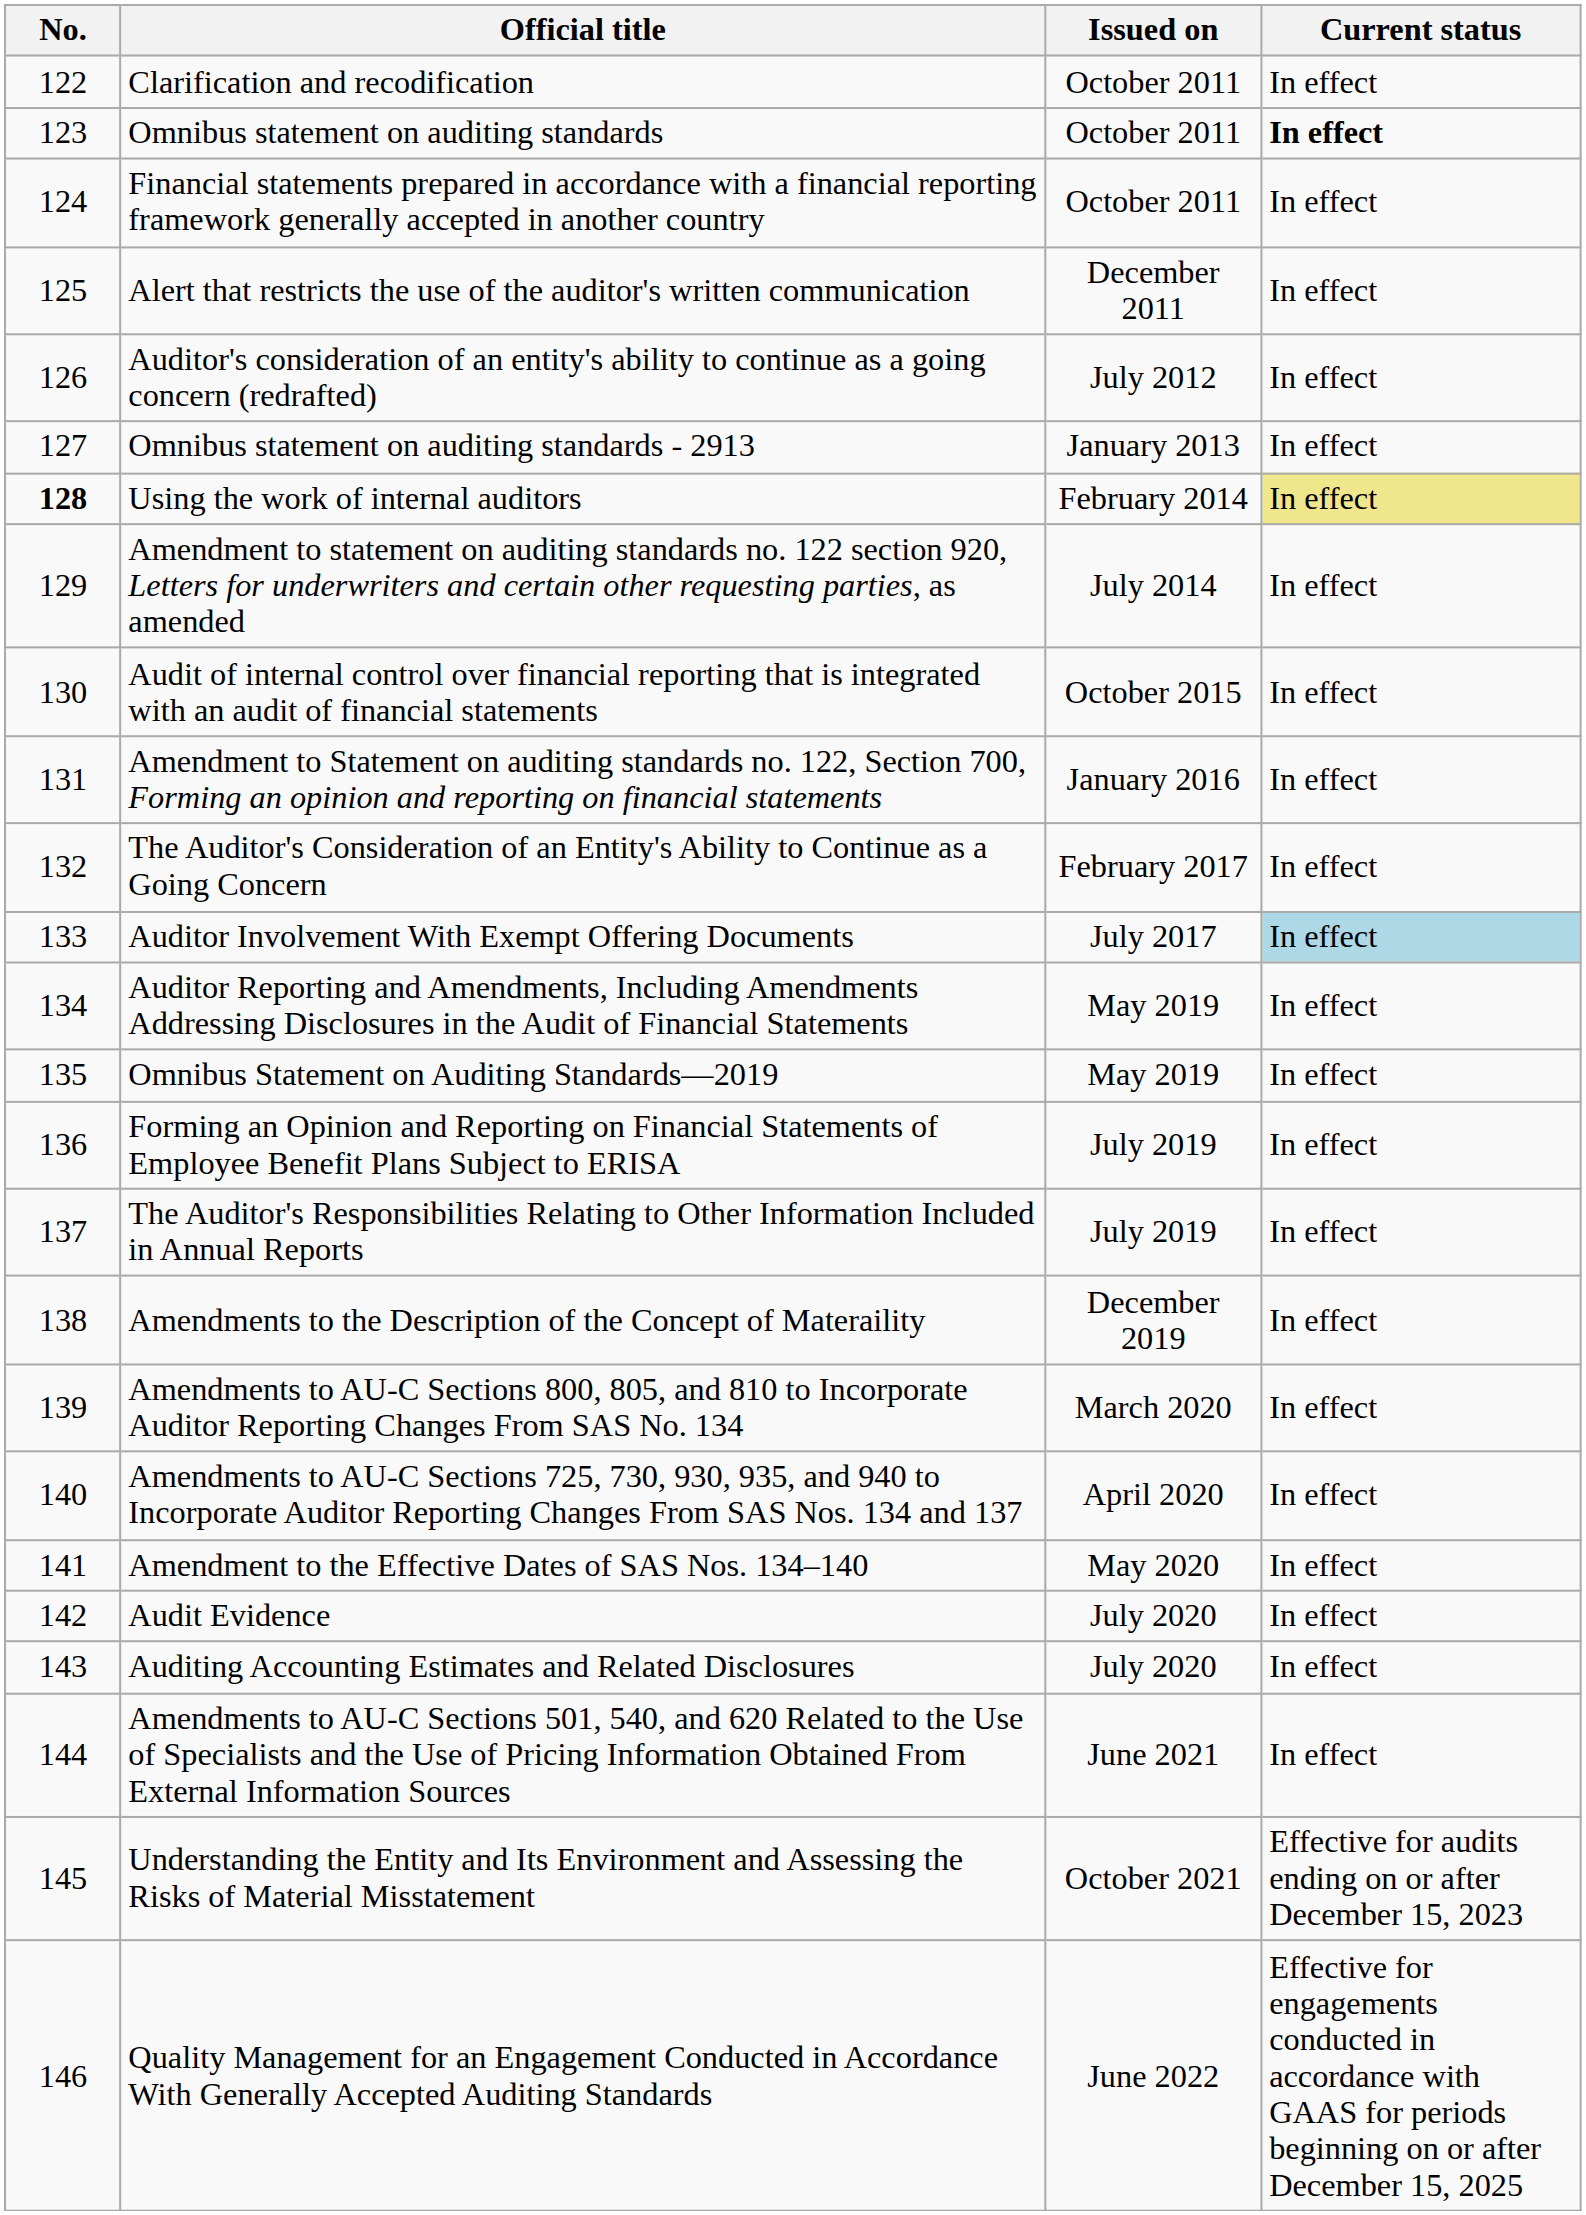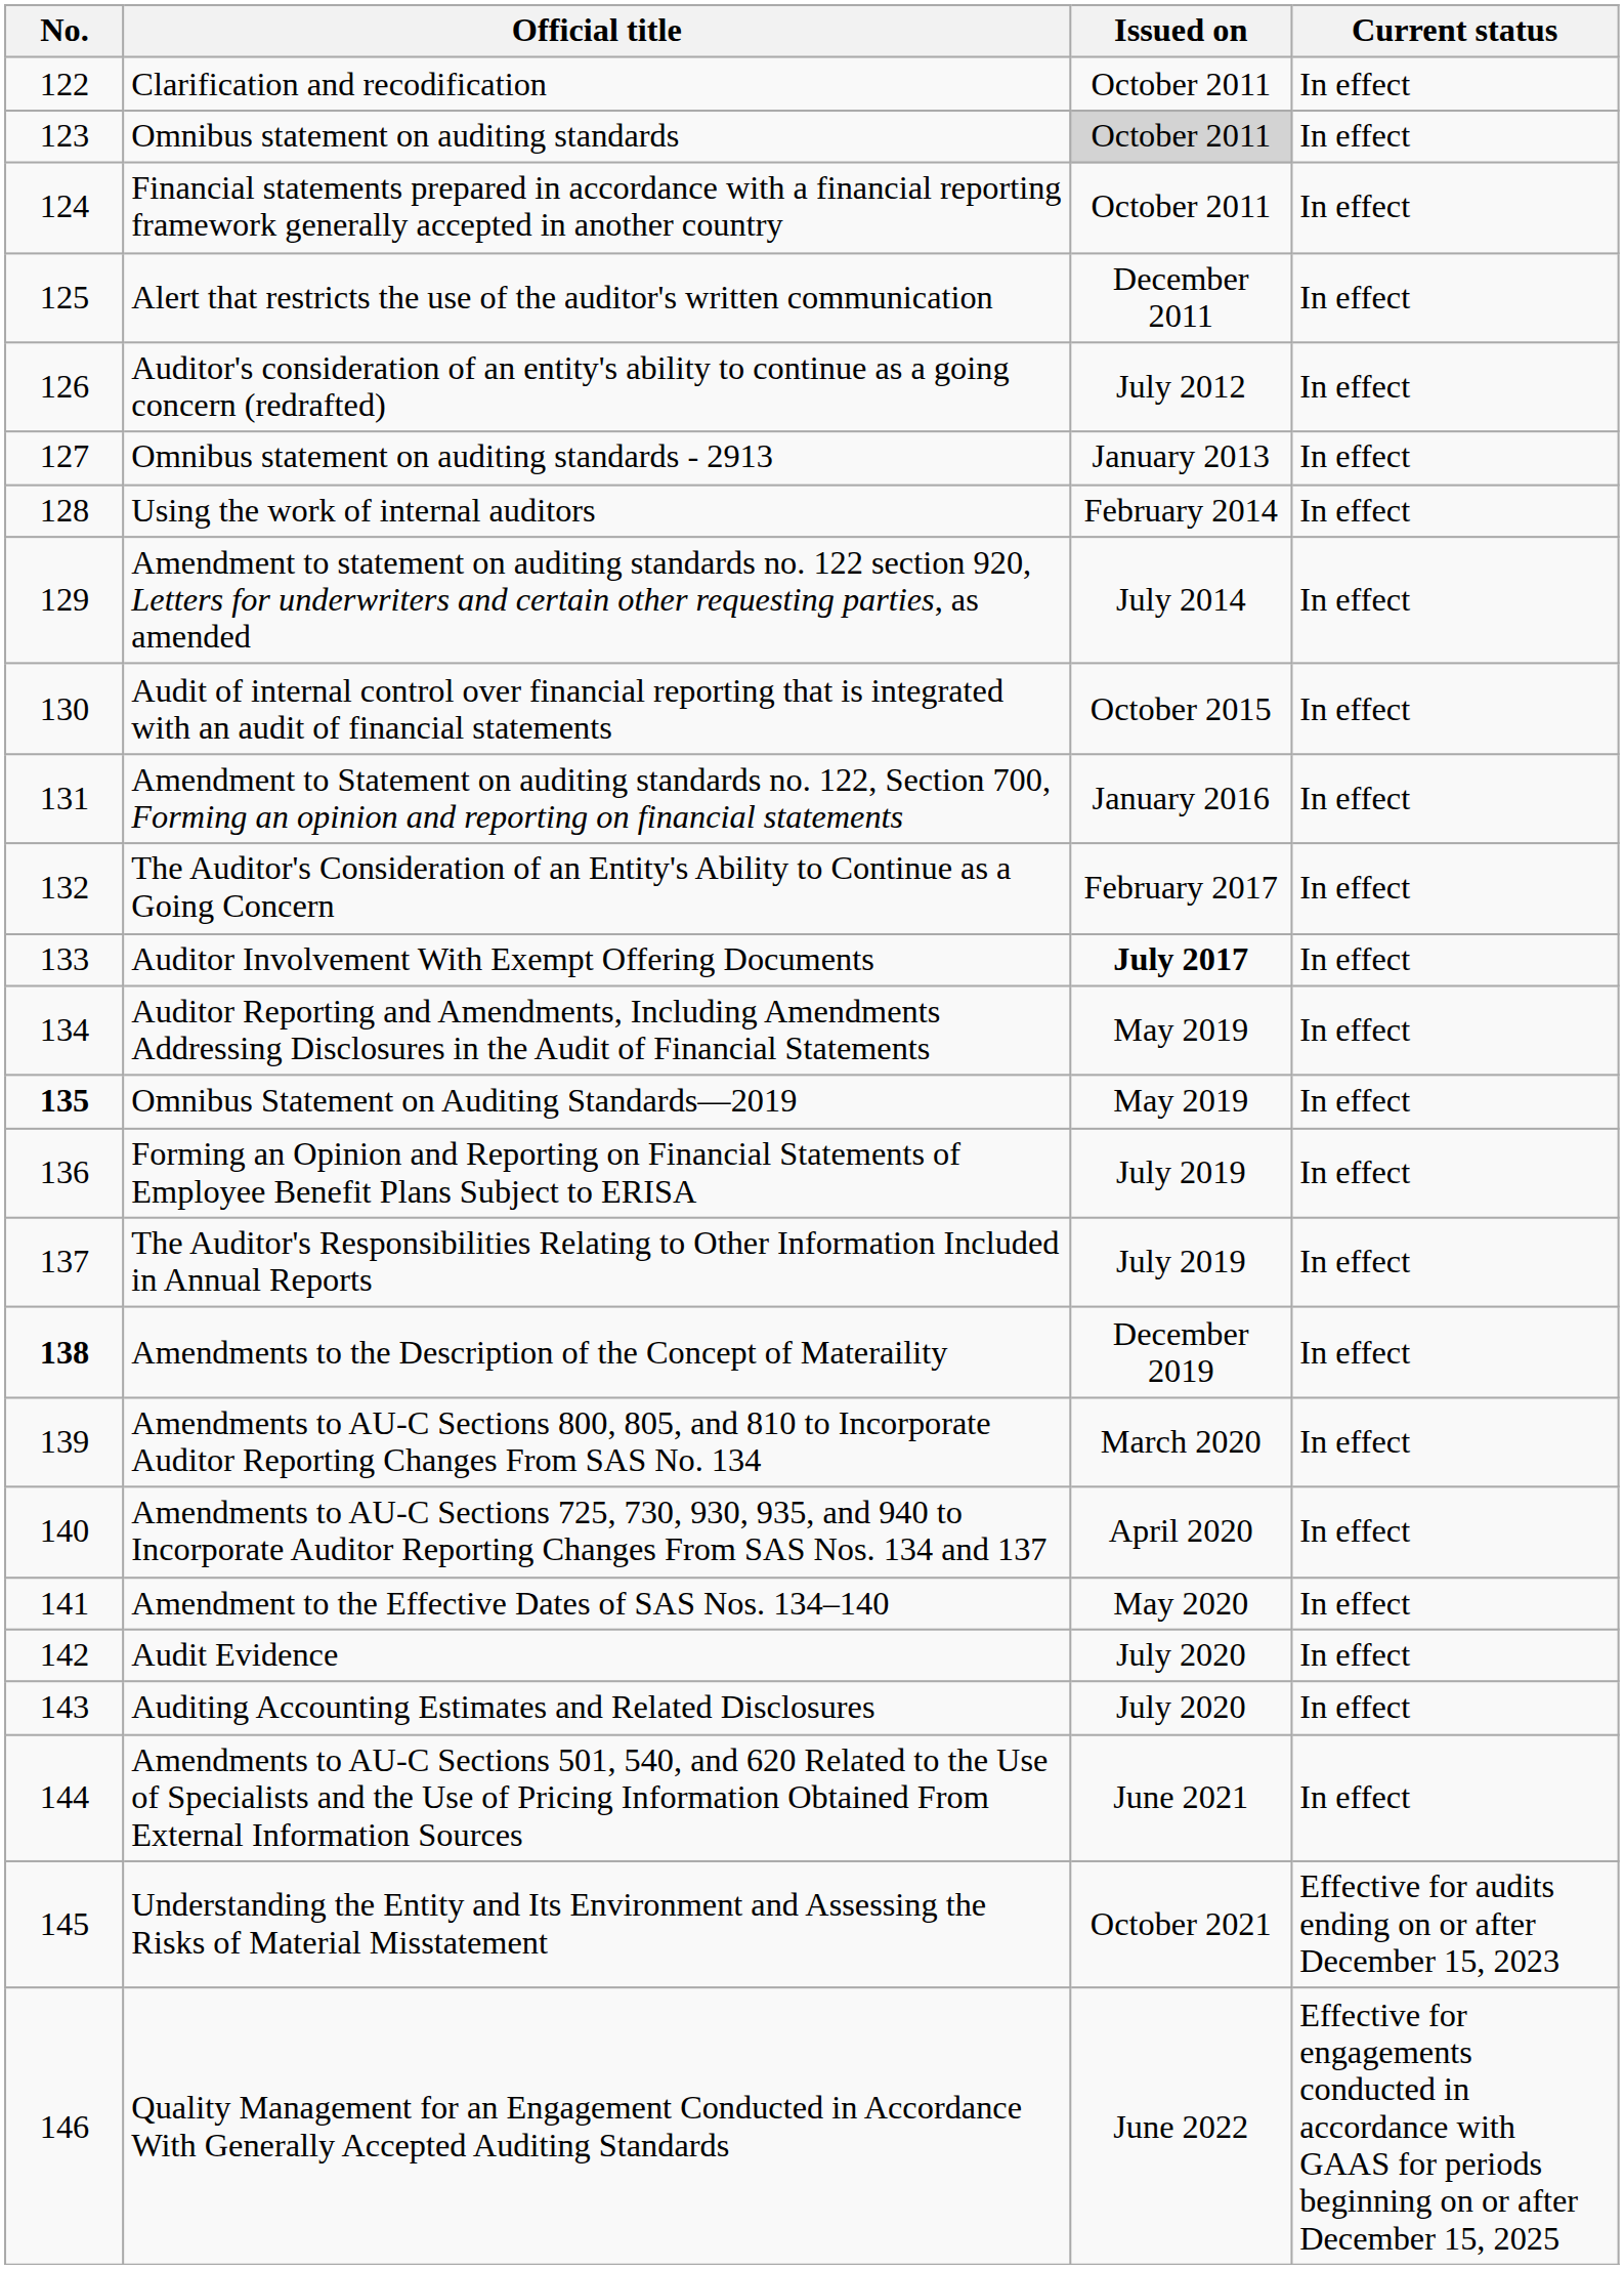 <table class="wikitable sortable">
 <tr>
 <th width="50">No.</th>
 <th width="450">Official title</th>
 <th width="100">Issued on</th>
 <th width="150">Current status</th>
 </tr>
 <tr>
 <td align="center">122</td>
 <td>Clarification and recodification</td>
 <td align="center">October 2011</td>
 <td>In effect</td>
 </tr>
 <tr>
 <td align="center">123</td>
 <td>Omnibus statement on auditing standards</td>
-<td align="center">October 2011</td>
-<td><strong>In effect</strong></td>
+<td align="center" style="background: lightgrey;">October 2011</td>
+<td>In effect</td>
 </tr>
 <tr>
 <td align="center">124</td>
 <td>Financial statements prepared in accordance with a financial reporting framework generally accepted in another country</td>
 <td align="center">October 2011</td>
 <td>In effect</td>
 </tr>
 <tr>
 <td align="center">125</td>
 <td>Alert that restricts the use of the auditor's written communication</td>
 <td align="center">December 2011</td>
 <td>In effect</td>
 </tr>
 <tr>
 <td align="center">126</td>
 <td>Auditor's consideration of an entity's ability to continue as a going concern (redrafted)</td>
 <td align="center">July 2012</td>
 <td>In effect</td>
 </tr>
 <tr>
 <td align="center">127</td>
 <td>Omnibus statement on auditing standards - 2913</td>
 <td align="center">January 2013</td>
 <td>In effect</td>
 </tr>
 <tr>
-<td align="center"><strong>128</strong></td>
+<td align="center">128</td>
 <td>Using the work of internal auditors</td>
 <td align="center">February 2014</td>
-<td style="background: khaki;">In effect</td>
+<td>In effect</td>
 </tr>
 <tr>
 <td align="center">129</td>
 <td>Amendment to statement on auditing standards no. 122 section 920, <em>Letters for underwriters and certain other requesting parties</em>, as amended</td>
 <td align="center">July 2014</td>
 <td>In effect</td>
 </tr>
 <tr>
 <td align="center">130</td>
 <td>Audit of internal control over financial reporting that is integrated with an audit of financial statements</td>
 <td align="center">October 2015</td>
 <td>In effect</td>
 </tr>
 <tr>
 <td align="center">131</td>
 <td>Amendment to Statement on auditing standards no. 122, Section 700, <em>Forming an opinion and reporting on financial statements</em></td>
 <td align="center">January 2016</td>
 <td>In effect</td>
 </tr>
 <tr>
 <td align="center">132</td>
 <td>The Auditor's Consideration of an Entity's Ability to Continue as a Going Concern</td>
 <td align="center">February 2017</td>
 <td>In effect</td>
 </tr>
 <tr>
 <td align="center">133</td>
 <td>Auditor Involvement With Exempt Offering Documents</td>
-<td align="center">July 2017</td>
-<td style="background: lightblue;">In effect</td>
+<td align="center"><strong>July 2017</strong></td>
+<td>In effect</td>
 </tr>
 <tr>
 <td align="center">134</td>
 <td>Auditor Reporting and Amendments, Including Amendments Addressing Disclosures in the Audit of Financial Statements</td>
 <td align="center">May 2019</td>
 <td>In effect</td>
 </tr>
 <tr>
-<td align="center">135</td>
+<td align="center"><strong>135</strong></td>
 <td>Omnibus Statement on Auditing Standards—2019</td>
 <td align="center">May 2019</td>
 <td>In effect</td>
 </tr>
 <tr>
 <td align="center">136</td>
 <td>Forming an Opinion and Reporting on Financial Statements of Employee Benefit Plans Subject to ERISA</td>
 <td align="center">July 2019</td>
 <td>In effect</td>
 </tr>
 <tr>
 <td align="center">137</td>
 <td>The Auditor's Responsibilities Relating to Other Information Included in Annual Reports</td>
 <td align="center">July 2019</td>
 <td>In effect</td>
 </tr>
 <tr>
-<td align="center">138</td>
+<td align="center"><strong>138</strong></td>
 <td>Amendments to the Description of the Concept of Materaility</td>
 <td align="center">December 2019</td>
 <td>In effect</td>
 </tr>
 <tr>
 <td align="center">139</td>
 <td>Amendments to AU-C Sections 800, 805, and 810 to Incorporate Auditor Reporting Changes From SAS No. 134</td>
 <td align="center">March 2020</td>
 <td>In effect</td>
 </tr>
 <tr>
 <td align="center">140</td>
 <td>Amendments to AU-C Sections 725, 730, 930, 935, and 940 to Incorporate Auditor Reporting Changes From SAS Nos. 134 and 137</td>
 <td align="center">April 2020</td>
 <td>In effect</td>
 </tr>
 <tr>
 <td align="center">141</td>
 <td>Amendment to the Effective Dates of SAS Nos. 134–140</td>
 <td align="center">May 2020</td>
 <td>In effect</td>
 </tr>
 <tr>
 <td align="center">142</td>
 <td>Audit Evidence</td>
 <td align="center">July 2020</td>
 <td>In effect</td>
 </tr>
 <tr>
 <td align="center">143</td>
 <td>Auditing Accounting Estimates and Related Disclosures</td>
 <td align="center">July 2020</td>
 <td>In effect</td>
 </tr>
 <tr>
 <td align="center">144</td>
 <td>Amendments to AU-C Sections 501, 540, and 620 Related to the Use of Specialists and the Use of Pricing Information Obtained From External Information Sources</td>
 <td align="center">June 2021</td>
 <td>In effect</td>
 </tr>
 <tr>
 <td align="center">145</td>
 <td>Understanding the Entity and Its Environment and Assessing the Risks of Material Misstatement</td>
 <td align="center">October 2021</td>
 <td>Effective for audits ending on or after December 15, 2023</td>
 </tr>
 <tr>
 <td align="center">146</td>
 <td>Quality Management for an Engagement Conducted in Accordance With Generally Accepted Auditing Standards</td>
 <td align="center">June 2022</td>
 <td>Effective for engagements conducted in accordance with GAAS for periods beginning on or after December 15, 2025</td>
 </tr>
 <tr>
 </tr>
 </table>
